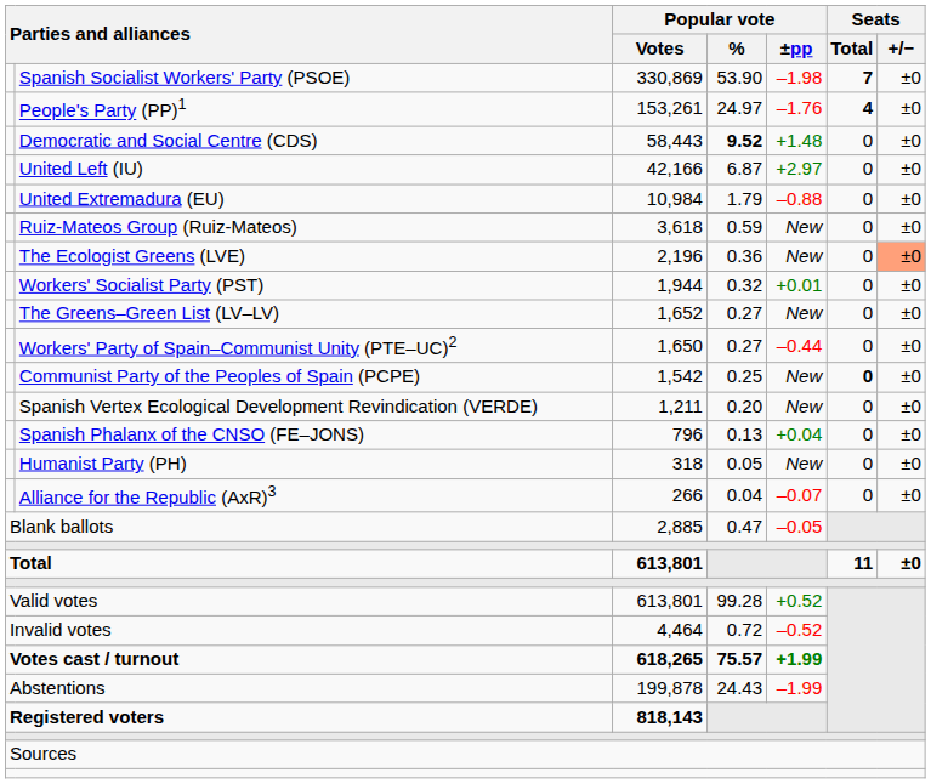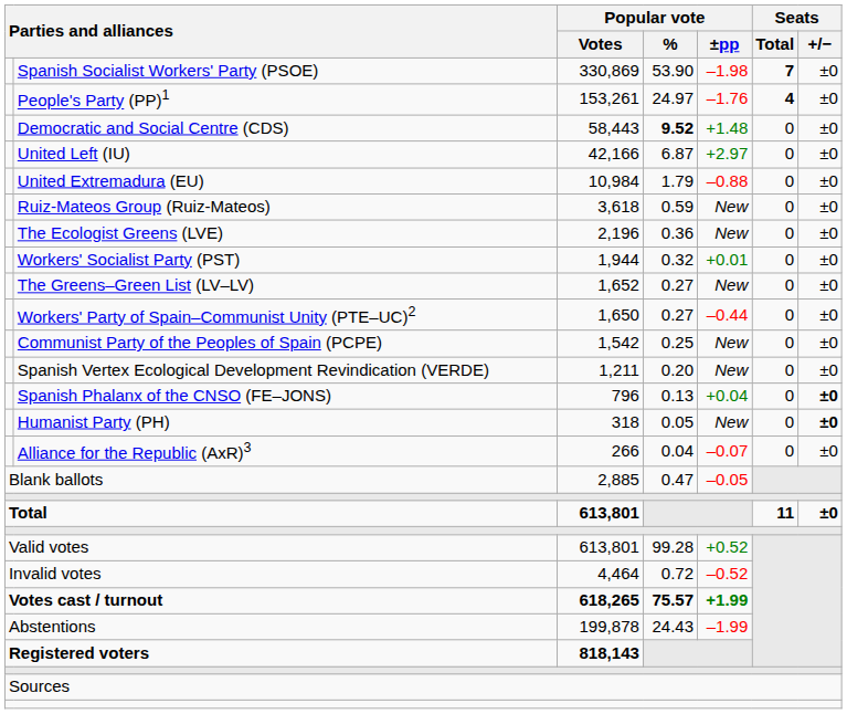 <table class="wikitable" style="text-align:right;">
 <tr>
 <th style="text-align:left;" rowspan="2" colspan="2" width="525">Parties and alliances</th>
 <th colspan="3">Popular vote</th>
 <th colspan="2">Seats</th>
 </tr>
 <tr>
 <th width="75">Votes</th>
 <th width="45">%</th>
 <th width="45">±<a href='#'>pp</a></th>
 <th width="35">Total</th>
 <th width="35">+/−</th>
 </tr>
 <tr>
 <td width="1" style="color:inherit;background:"></td>
 <td align="left"><a href='#'>Spanish Socialist Workers' Party</a> (PSOE)</td>
 <td>330,869</td>
 <td>53.90</td>
 <td style="color:red;">–1.98</td>
 <td><strong>7</strong></td>
 <td>±0</td>
 </tr>
 <tr>
 <td style="color:inherit;background:"></td>
 <td align="left"><a href='#'>People's Party</a> (PP)<sup>1</sup></td>
 <td>153,261</td>
 <td>24.97</td>
 <td style="color:red;">–1.76</td>
 <td><strong>4</strong></td>
 <td>±0</td>
 </tr>
 <tr>
 <td style="color:inherit;background:"></td>
 <td align="left"><a href='#'>Democratic and Social Centre</a> (CDS)</td>
 <td>58,443</td>
 <td><strong>9.52</strong></td>
 <td style="color:green;">+1.48</td>
 <td>0</td>
 <td>±0</td>
 </tr>
 <tr>
 <td style="color:inherit;background:"></td>
 <td align="left"><a href='#'>United Left</a> (IU)</td>
 <td>42,166</td>
 <td>6.87</td>
 <td style="color:green;">+2.97</td>
 <td>0</td>
 <td>±0</td>
 </tr>
 <tr>
 <td style="color:inherit;background:"></td>
 <td align="left"><a href='#'>United Extremadura</a> (EU)</td>
 <td>10,984</td>
 <td>1.79</td>
 <td style="color:red;">–0.88</td>
 <td>0</td>
 <td>±0</td>
 </tr>
 <tr>
 <td style="color:inherit;background:"></td>
 <td align="left"><a href='#'>Ruiz-Mateos Group</a> (Ruiz-Mateos)</td>
 <td>3,618</td>
 <td>0.59</td>
 <td><em>New</em></td>
 <td>0</td>
 <td>±0</td>
 </tr>
 <tr>
 <td style="color:inherit;background:"></td>
 <td align="left"><a href='#'>The Ecologist Greens</a> (LVE)</td>
 <td>2,196</td>
 <td>0.36</td>
 <td><em>New</em></td>
 <td>0</td>
-<td style="background: lightsalmon;">±0</td>
+<td>±0</td>
 </tr>
 <tr>
 <td style="color:inherit;background:"></td>
 <td align="left"><a href='#'>Workers' Socialist Party</a> (PST)</td>
 <td>1,944</td>
 <td>0.32</td>
 <td style="color:green;">+0.01</td>
 <td>0</td>
 <td>±0</td>
 </tr>
 <tr>
 <td style="color:inherit;background:"></td>
 <td align="left"><a href='#'>The Greens–Green List</a> (LV–LV)</td>
 <td>1,652</td>
 <td>0.27</td>
 <td><em>New</em></td>
 <td>0</td>
 <td>±0</td>
 </tr>
 <tr>
 <td style="color:inherit;background:"></td>
 <td align="left"><a href='#'>Workers' Party of Spain–Communist Unity</a> (PTE–UC)<sup>2</sup></td>
 <td>1,650</td>
 <td>0.27</td>
 <td style="color:red;">–0.44</td>
 <td>0</td>
 <td>±0</td>
 </tr>
 <tr>
 <td style="color:inherit;background:"></td>
 <td align="left"><a href='#'>Communist Party of the Peoples of Spain</a> (PCPE)</td>
 <td>1,542</td>
 <td>0.25</td>
 <td><em>New</em></td>
-<td><strong>0</strong></td>
+<td>0</td>
 <td>±0</td>
 </tr>
 <tr>
 <td style="color:inherit;background:"></td>
 <td align="left">Spanish Vertex Ecological Development Revindication (VERDE)</td>
 <td>1,211</td>
 <td>0.20</td>
 <td><em>New</em></td>
 <td>0</td>
 <td>±0</td>
 </tr>
 <tr>
 <td style="color:inherit;background:"></td>
 <td align="left"><a href='#'>Spanish Phalanx of the CNSO</a> (FE–JONS)</td>
 <td>796</td>
 <td>0.13</td>
 <td style="color:green;">+0.04</td>
 <td>0</td>
-<td>±0</td>
+<td><strong>±0</strong></td>
 </tr>
 <tr>
 <td style="color:inherit;background:"></td>
 <td align="left"><a href='#'>Humanist Party</a> (PH)</td>
 <td>318</td>
 <td>0.05</td>
 <td><em>New</em></td>
 <td>0</td>
-<td>±0</td>
+<td><strong>±0</strong></td>
 </tr>
 <tr>
 <td style="color:inherit;background:"></td>
 <td align="left"><a href='#'>Alliance for the Republic</a> (AxR)<sup>3</sup></td>
 <td>266</td>
 <td>0.04</td>
 <td style="color:red;">–0.07</td>
 <td>0</td>
 <td>±0</td>
 </tr>
 <tr>
 <td align="left" colspan="2">Blank ballots</td>
 <td>2,885</td>
 <td>0.47</td>
 <td style="color:red;">–0.05</td>
 <td bgcolor="#E9E9E9" colspan="2"></td>
 </tr>
 <tr>
 <td colspan="7" bgcolor="#E9E9E9"></td>
 </tr>
 <tr style="font-weight:bold;">
 <td align="left" colspan="2">Total</td>
 <td>613,801</td>
 <td bgcolor="#E9E9E9" colspan="2"></td>
 <td>11</td>
 <td>±0</td>
 </tr>
 <tr>
 <td colspan="7" bgcolor="#E9E9E9"></td>
 </tr>
 <tr>
 <td align="left" colspan="2">Valid votes</td>
 <td>613,801</td>
 <td>99.28</td>
 <td style="color:green;">+0.52</td>
 <td bgcolor="#E9E9E9" colspan="2" rowspan="5"></td>
 </tr>
 <tr>
 <td align="left" colspan="2">Invalid votes</td>
 <td>4,464</td>
 <td>0.72</td>
 <td style="color:red;">–0.52</td>
 </tr>
 <tr style="font-weight:bold;">
 <td align="left" colspan="2">Votes cast / turnout</td>
 <td>618,265</td>
 <td>75.57</td>
 <td style="color:green;">+1.99</td>
 </tr>
 <tr>
 <td align="left" colspan="2">Abstentions</td>
 <td>199,878</td>
 <td>24.43</td>
 <td style="color:red;">–1.99</td>
 </tr>
 <tr style="font-weight:bold;">
 <td align="left" colspan="2">Registered voters</td>
 <td>818,143</td>
 <td bgcolor="#E9E9E9" colspan="2"></td>
 </tr>
 <tr>
 <td colspan="7" bgcolor="#E9E9E9"></td>
 </tr>
 <tr>
 <td align="left" colspan="7">Sources</td>
 </tr>
 <tr>
 <td colspan="7" style="text-align:left; max-width:790px;"></td>
 </tr>
 </table>
